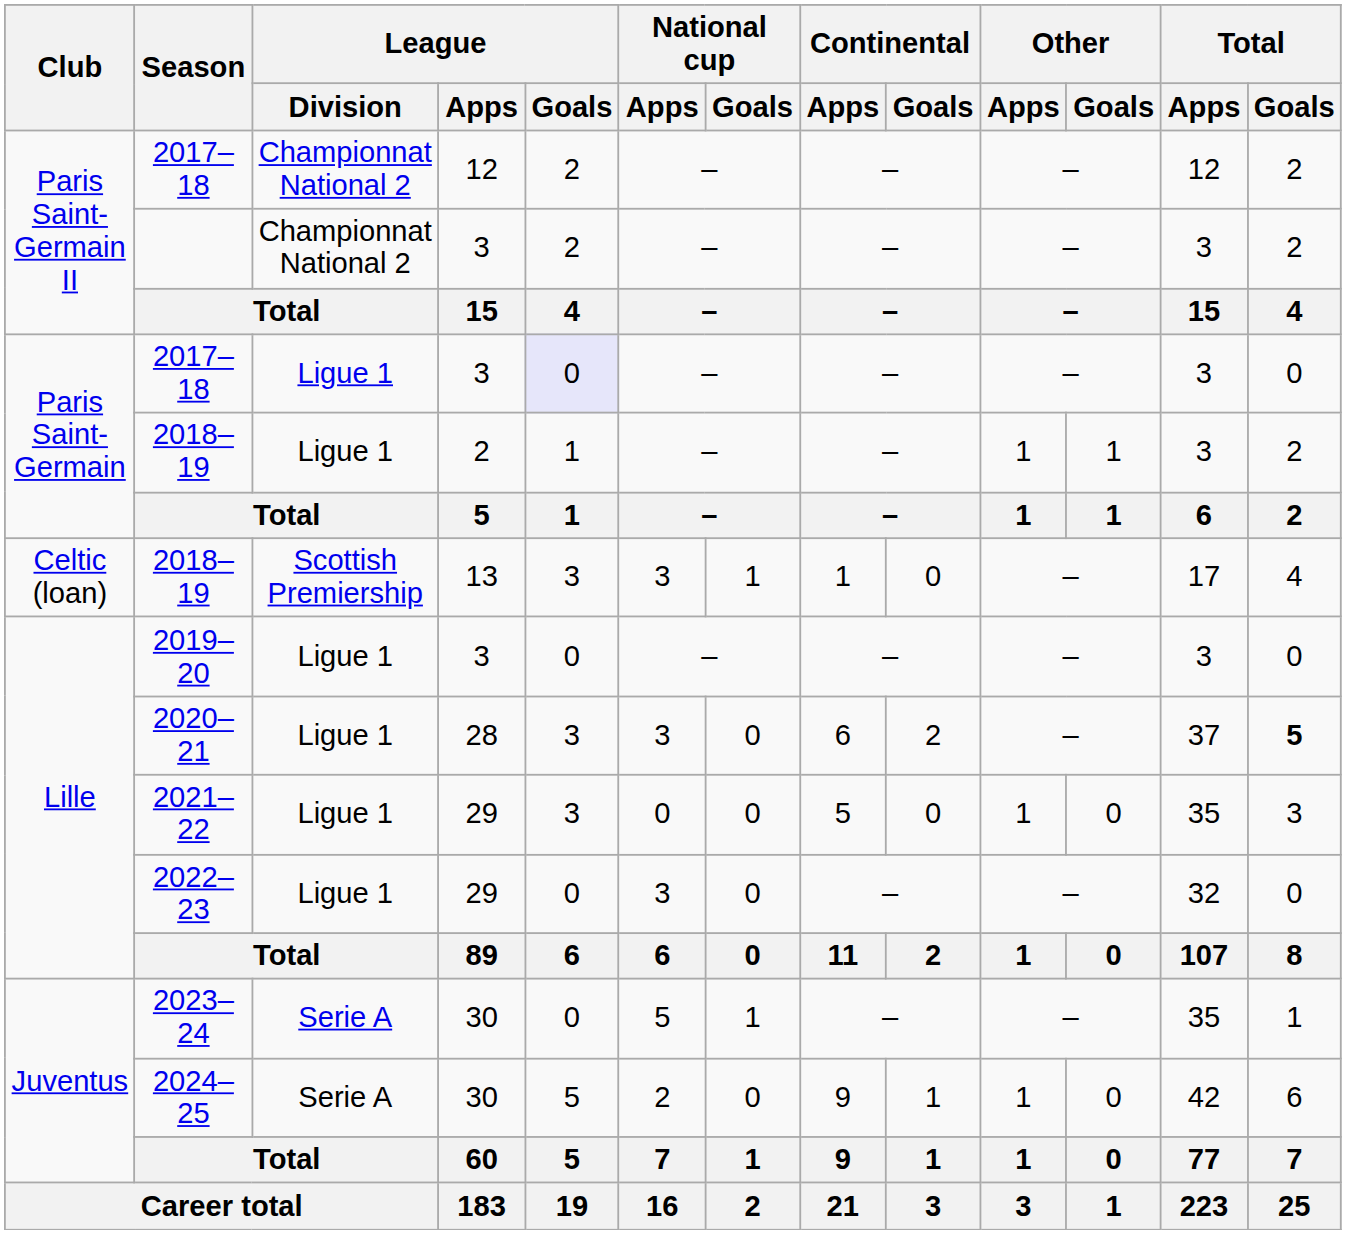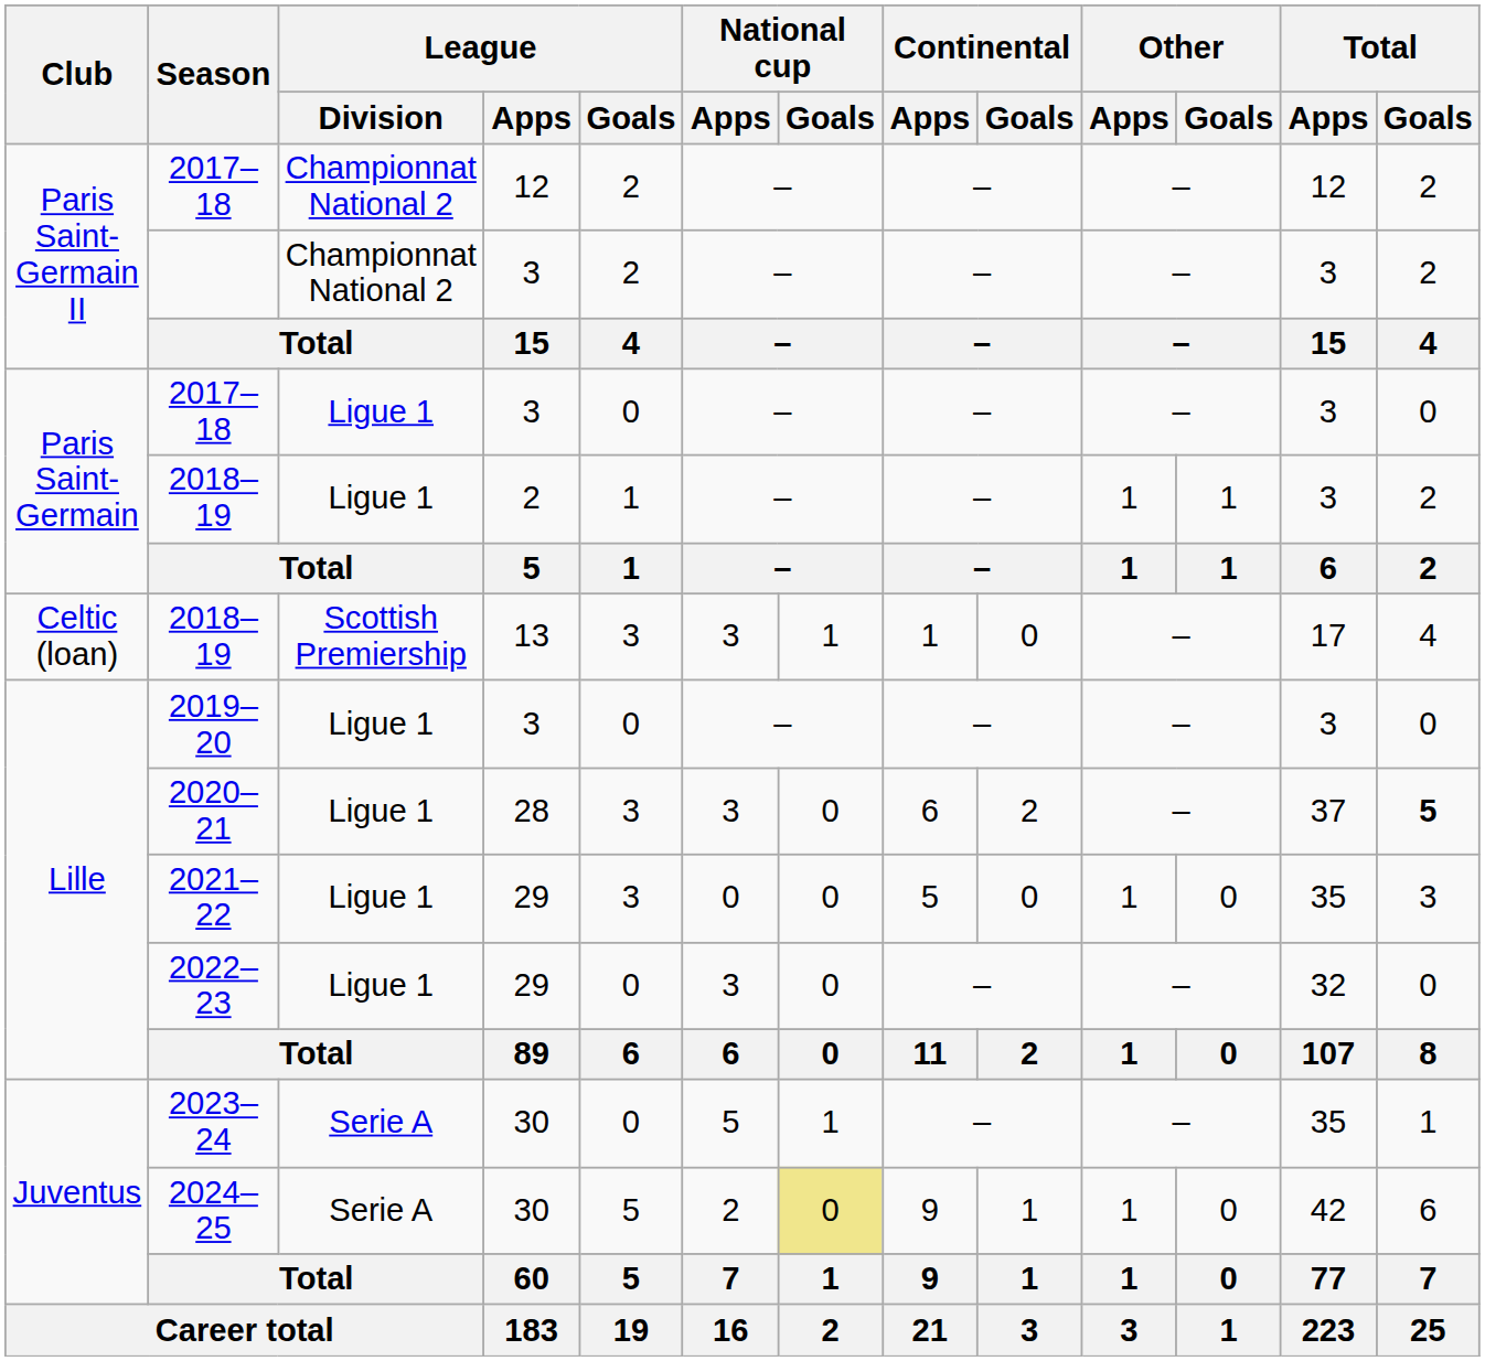 <table class="wikitable" style="text-align:center">
 <tr>
 <th rowspan="2">Club</th>
 <th rowspan="2">Season</th>
 <th colspan="3">League</th>
 <th colspan="2">National cup</th>
 <th colspan="2">Continental</th>
 <th colspan="2">Other</th>
 <th colspan="2">Total</th>
 </tr>
 <tr>
 <th>Division</th>
 <th>Apps</th>
 <th>Goals</th>
 <th>Apps</th>
 <th>Goals</th>
 <th>Apps</th>
 <th>Goals</th>
 <th>Apps</th>
 <th>Goals</th>
 <th>Apps</th>
 <th>Goals</th>
 </tr>
 <tr>
 <td rowspan="3"><a href='#'>Paris Saint-Germain II</a></td>
 <td><a href='#'>2017–18</a></td>
 <td><a href='#'>Championnat National 2</a></td>
 <td>12</td>
 <td>2</td>
 <td colspan="2">–</td>
 <td colspan="2">–</td>
 <td colspan="2">–</td>
 <td>12</td>
 <td>2</td>
 </tr>
 <tr>
 <td></td>
 <td>Championnat National 2</td>
 <td>3</td>
 <td>2</td>
 <td colspan="2">–</td>
 <td colspan="2">–</td>
 <td colspan="2">–</td>
 <td>3</td>
 <td>2</td>
 </tr>
 <tr>
 <th colspan="2">Total</th>
 <th>15</th>
 <th>4</th>
 <th colspan="2">–</th>
 <th colspan="2">–</th>
 <th colspan="2">–</th>
 <th>15</th>
 <th>4</th>
 </tr>
 <tr>
 <td rowspan="3"><a href='#'>Paris Saint-Germain</a></td>
 <td><a href='#'>2017–18</a></td>
 <td><a href='#'>Ligue 1</a></td>
 <td>3</td>
-<td style="background: lavender;">0</td>
+<td>0</td>
 <td colspan="2">–</td>
 <td colspan="2">–</td>
 <td colspan="2">–</td>
 <td>3</td>
 <td>0</td>
 </tr>
 <tr>
 <td><a href='#'>2018–19</a></td>
 <td>Ligue 1</td>
 <td>2</td>
 <td>1</td>
 <td colspan="2">–</td>
 <td colspan="2">–</td>
 <td>1</td>
 <td>1</td>
 <td>3</td>
 <td>2</td>
 </tr>
 <tr>
 <th colspan="2">Total</th>
 <th>5</th>
 <th>1</th>
 <th colspan="2">–</th>
 <th colspan="2">–</th>
 <th>1</th>
 <th>1</th>
 <th>6</th>
 <th>2</th>
 </tr>
 <tr>
 <td><a href='#'>Celtic</a> (loan)</td>
 <td><a href='#'>2018–19</a></td>
 <td><a href='#'>Scottish Premiership</a></td>
 <td>13</td>
 <td>3</td>
 <td>3</td>
 <td>1</td>
 <td>1</td>
 <td>0</td>
 <td colspan="2">–</td>
 <td>17</td>
 <td>4</td>
 </tr>
 <tr>
 <td rowspan="5"><a href='#'>Lille</a></td>
 <td><a href='#'>2019–20</a></td>
 <td>Ligue 1</td>
 <td>3</td>
 <td>0</td>
 <td colspan="2">–</td>
 <td colspan="2">–</td>
 <td colspan="2">–</td>
 <td>3</td>
 <td>0</td>
 </tr>
 <tr>
 <td><a href='#'>2020–21</a></td>
 <td>Ligue 1</td>
 <td>28</td>
 <td>3</td>
 <td>3</td>
 <td>0</td>
 <td>6</td>
 <td>2</td>
 <td colspan="2">–</td>
 <td>37</td>
 <td><strong>5</strong></td>
 </tr>
 <tr>
 <td><a href='#'>2021–22</a></td>
 <td>Ligue 1</td>
 <td>29</td>
 <td>3</td>
 <td>0</td>
 <td>0</td>
 <td>5</td>
 <td>0</td>
 <td>1</td>
 <td>0</td>
 <td>35</td>
 <td>3</td>
 </tr>
 <tr>
 <td><a href='#'>2022–23</a></td>
 <td>Ligue 1</td>
 <td>29</td>
 <td>0</td>
 <td>3</td>
 <td>0</td>
 <td colspan="2">–</td>
 <td colspan="2">–</td>
 <td>32</td>
 <td>0</td>
 </tr>
 <tr>
 <th colspan="2">Total</th>
 <th>89</th>
 <th>6</th>
 <th>6</th>
 <th>0</th>
 <th>11</th>
 <th>2</th>
 <th>1</th>
 <th>0</th>
 <th>107</th>
 <th>8</th>
 </tr>
 <tr>
 <td rowspan="3"><a href='#'>Juventus</a></td>
 <td><a href='#'>2023–24</a></td>
 <td><a href='#'>Serie A</a></td>
 <td>30</td>
 <td>0</td>
 <td>5</td>
 <td>1</td>
 <td colspan="2">–</td>
 <td colspan="2">–</td>
 <td>35</td>
 <td>1</td>
 </tr>
 <tr>
 <td><a href='#'>2024–25</a></td>
 <td>Serie A</td>
 <td>30</td>
 <td>5</td>
 <td>2</td>
-<td>0</td>
+<td style="background: khaki;">0</td>
 <td>9</td>
 <td>1</td>
 <td>1</td>
 <td>0</td>
 <td>42</td>
 <td>6</td>
 </tr>
 <tr>
 <th colspan="2">Total</th>
 <th>60</th>
 <th>5</th>
 <th>7</th>
 <th>1</th>
 <th>9</th>
 <th>1</th>
 <th>1</th>
 <th>0</th>
 <th>77</th>
 <th>7</th>
 </tr>
 <tr>
 <th colspan="3">Career total</th>
 <th>183</th>
 <th>19</th>
 <th>16</th>
 <th>2</th>
 <th>21</th>
 <th>3</th>
 <th>3</th>
 <th>1</th>
 <th>223</th>
 <th>25</th>
 </tr>
 </table>
